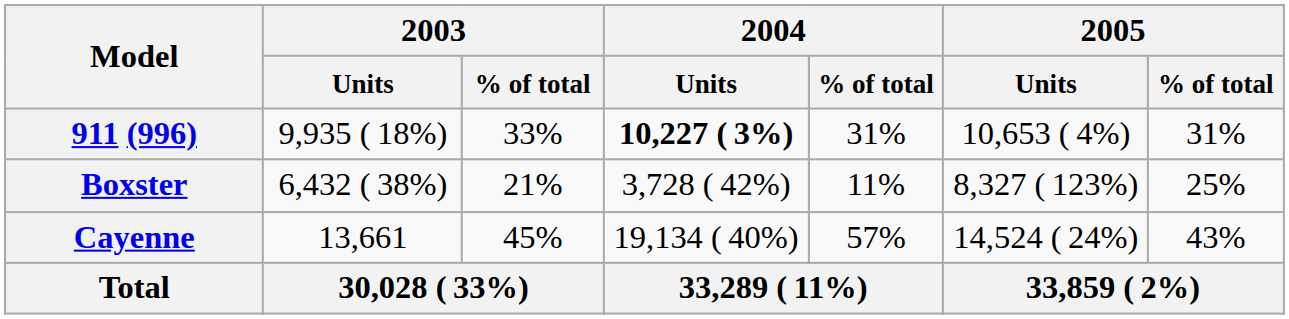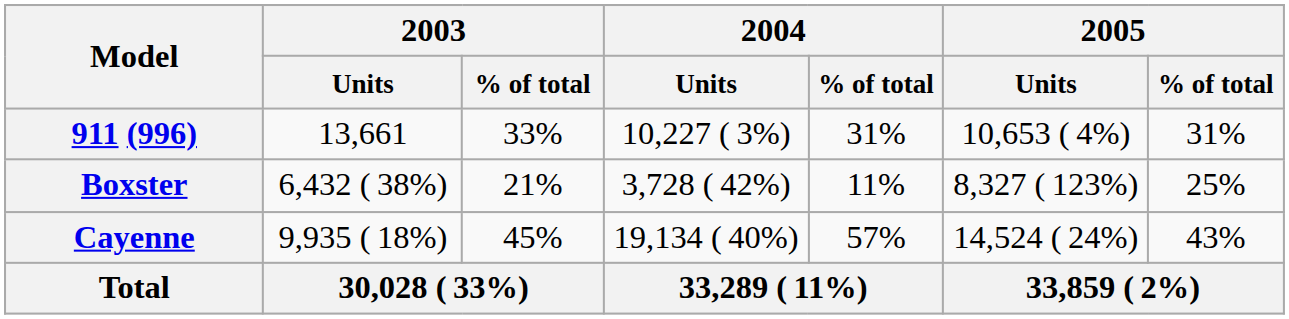 <table class="wikitable" style="text-align:center; text-size:94%;">
 <tr>
 <th rowspan="2" style="width:120px;">Model</th>
 <th colspan="2" style="width:160px;">2003</th>
 <th colspan="2" style="width:160px;">2004</th>
 <th colspan="2" style="width:160px;">2005</th>
 </tr>
 <tr>
 <th><small>Units</small></th>
 <th><small>% of total</small></th>
 <th><small>Units</small></th>
 <th><small>% of total</small></th>
 <th><small>Units</small></th>
 <th><small>% of total</small></th>
 </tr>
 <tr>
 <th><a href='#'>911</a> <a href='#'>(996)</a></th>
-<td>9,935 ( 18%)</td>
+<td>13,661</td>
 <td>33%</td>
-<td><strong>10,227 ( 3%)</strong></td>
+<td>10,227 ( 3%)</td>
 <td>31%</td>
 <td>10,653 ( 4%)</td>
 <td>31%</td>
 </tr>
 <tr>
 <th><a href='#'>Boxster</a></th>
 <td>6,432 ( 38%)</td>
 <td>21%</td>
 <td>3,728 ( 42%)</td>
 <td>11%</td>
 <td>8,327 ( 123%)</td>
 <td>25%</td>
 </tr>
 <tr>
 <th><a href='#'>Cayenne</a></th>
-<td>13,661</td>
+<td>9,935 ( 18%)</td>
 <td>45%</td>
 <td>19,134 ( 40%)</td>
 <td>57%</td>
 <td>14,524 ( 24%)</td>
 <td>43%</td>
 </tr>
 <tr style="background:WhiteSmoke;">
 <th>Total</th>
 <th colspan=2>30,028 ( 33%)</th>
 <th colspan=2>33,289 ( 11%)</th>
 <th colspan=2>33,859 ( 2%)</th>
 </tr>
 </table>
